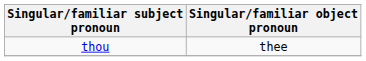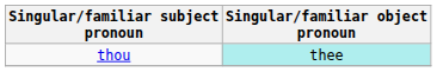 <table class="wikitable">
 <tr>
 <th>Singular/familiar subject <br>pronoun</th>
 <th>Singular/familiar object <br>pronoun</th>
 </tr>
 <tr align=center>
 <td><a href='#'>thou</a></td>
-<td>thee</td>
+<td style="background: paleturquoise;">thee</td>
 </tr>
 <tr>
 </tr>
 </table>
